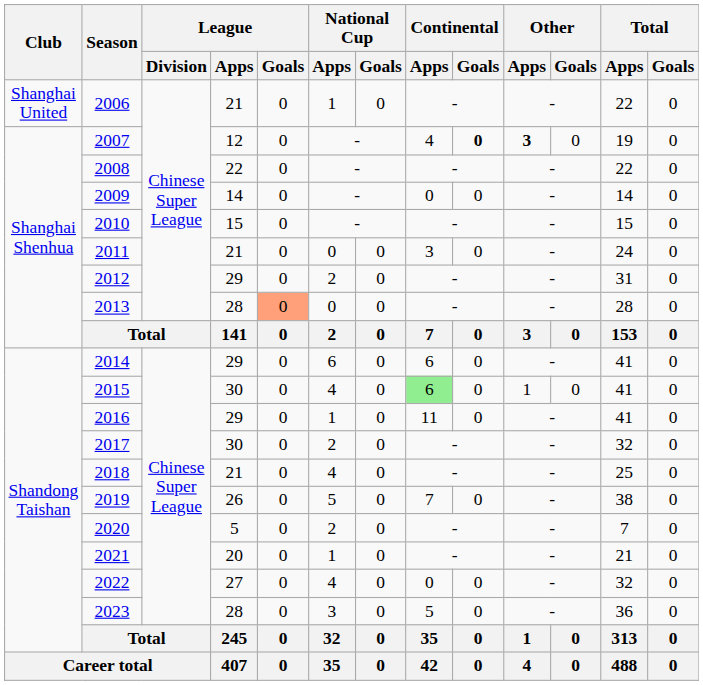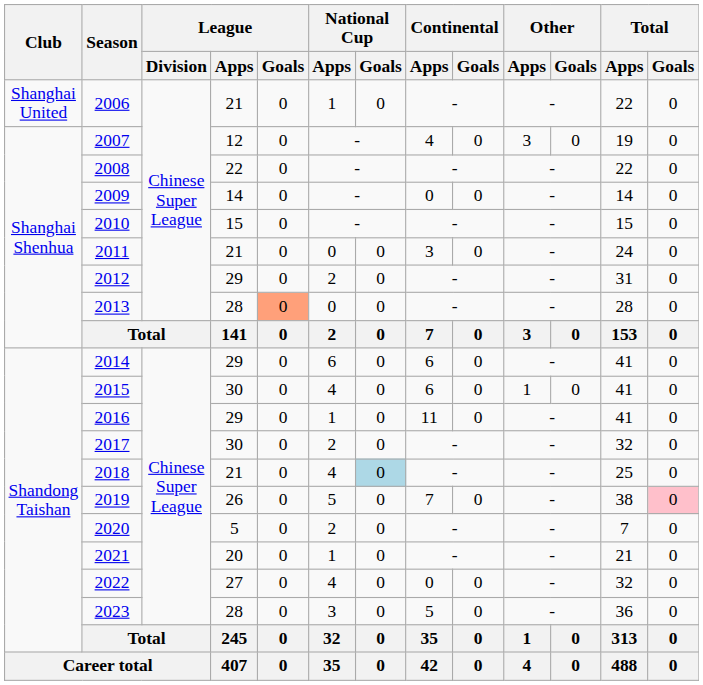 <table class="wikitable" style="text-align: center">
 <tr>
 <th rowspan="2">Club</th>
 <th rowspan="2">Season</th>
 <th colspan="3">League</th>
 <th colspan="2">National Cup</th>
 <th colspan="2">Continental</th>
 <th colspan="2">Other</th>
 <th colspan="2">Total</th>
 </tr>
 <tr>
 <th>Division</th>
 <th>Apps</th>
 <th>Goals</th>
 <th>Apps</th>
 <th>Goals</th>
 <th>Apps</th>
 <th>Goals</th>
 <th>Apps</th>
 <th>Goals</th>
 <th>Apps</th>
 <th>Goals</th>
 </tr>
 <tr>
 <td><a href='#'>Shanghai United</a></td>
 <td><a href='#'>2006</a></td>
 <td rowspan="8"><a href='#'>Chinese Super League</a></td>
 <td>21</td>
 <td>0</td>
 <td>1</td>
 <td>0</td>
 <td colspan="2">-</td>
 <td colspan="2">-</td>
 <td>22</td>
 <td>0</td>
 </tr>
 <tr>
 <td rowspan="8"><a href='#'>Shanghai Shenhua</a></td>
 <td><a href='#'>2007</a></td>
 <td>12</td>
 <td>0</td>
 <td colspan="2">-</td>
 <td>4</td>
-<td><strong>0</strong></td>
-<td><strong>3</strong></td>
+<td>0</td>
+<td>3</td>
 <td>0</td>
 <td>19</td>
 <td>0</td>
 </tr>
 <tr>
 <td><a href='#'>2008</a></td>
 <td>22</td>
 <td>0</td>
 <td colspan="2">-</td>
 <td colspan="2">-</td>
 <td colspan="2">-</td>
 <td>22</td>
 <td>0</td>
 </tr>
 <tr>
 <td><a href='#'>2009</a></td>
 <td>14</td>
 <td>0</td>
 <td colspan="2">-</td>
 <td>0</td>
 <td>0</td>
 <td colspan="2">-</td>
 <td>14</td>
 <td>0</td>
 </tr>
 <tr>
 <td><a href='#'>2010</a></td>
 <td>15</td>
 <td>0</td>
 <td colspan="2">-</td>
 <td colspan="2">-</td>
 <td colspan="2">-</td>
 <td>15</td>
 <td>0</td>
 </tr>
 <tr>
 <td><a href='#'>2011</a></td>
 <td>21</td>
 <td>0</td>
 <td>0</td>
 <td>0</td>
 <td>3</td>
 <td>0</td>
 <td colspan="2">-</td>
 <td>24</td>
 <td>0</td>
 </tr>
 <tr>
 <td><a href='#'>2012</a></td>
 <td>29</td>
 <td>0</td>
 <td>2</td>
 <td>0</td>
 <td colspan="2">-</td>
 <td colspan="2">-</td>
 <td>31</td>
 <td>0</td>
 </tr>
 <tr>
 <td><a href='#'>2013</a></td>
 <td>28</td>
 <td style="background: lightsalmon;">0</td>
 <td>0</td>
 <td>0</td>
 <td colspan="2">-</td>
 <td colspan="2">-</td>
 <td>28</td>
 <td>0</td>
 </tr>
 <tr>
 <th colspan=2>Total</th>
 <th>141</th>
 <th>0</th>
 <th>2</th>
 <th>0</th>
 <th>7</th>
 <th>0</th>
 <th>3</th>
 <th>0</th>
 <th>153</th>
 <th>0</th>
 </tr>
 <tr>
 <td rowspan="11"><a href='#'>Shandong Taishan</a></td>
 <td><a href='#'>2014</a></td>
 <td rowspan="10"><a href='#'>Chinese Super League</a></td>
 <td>29</td>
 <td>0</td>
 <td>6</td>
 <td>0</td>
 <td>6</td>
 <td>0</td>
 <td colspan="2">-</td>
 <td>41</td>
 <td>0</td>
 </tr>
 <tr>
 <td><a href='#'>2015</a></td>
 <td>30</td>
 <td>0</td>
 <td>4</td>
 <td>0</td>
-<td style="background: lightgreen;">6</td>
+<td>6</td>
 <td>0</td>
 <td>1</td>
 <td>0</td>
 <td>41</td>
 <td>0</td>
 </tr>
 <tr>
 <td><a href='#'>2016</a></td>
 <td>29</td>
 <td>0</td>
 <td>1</td>
 <td>0</td>
 <td>11</td>
 <td>0</td>
 <td colspan="2">-</td>
 <td>41</td>
 <td>0</td>
 </tr>
 <tr>
 <td><a href='#'>2017</a></td>
 <td>30</td>
 <td>0</td>
 <td>2</td>
 <td>0</td>
 <td colspan="2">-</td>
 <td colspan="2">-</td>
 <td>32</td>
 <td>0</td>
 </tr>
 <tr>
 <td><a href='#'>2018</a></td>
 <td>21</td>
 <td>0</td>
 <td>4</td>
-<td>0</td>
+<td style="background: lightblue;">0</td>
 <td colspan="2">-</td>
 <td colspan="2">-</td>
 <td>25</td>
 <td>0</td>
 </tr>
 <tr>
 <td><a href='#'>2019</a></td>
 <td>26</td>
 <td>0</td>
 <td>5</td>
 <td>0</td>
 <td>7</td>
 <td>0</td>
 <td colspan="2">-</td>
 <td>38</td>
-<td>0</td>
+<td style="background: pink;">0</td>
 </tr>
 <tr>
 <td><a href='#'>2020</a></td>
 <td>5</td>
 <td>0</td>
 <td>2</td>
 <td>0</td>
 <td colspan="2">-</td>
 <td colspan="2">-</td>
 <td>7</td>
 <td>0</td>
 </tr>
 <tr>
 <td><a href='#'>2021</a></td>
 <td>20</td>
 <td>0</td>
 <td>1</td>
 <td>0</td>
 <td colspan="2">-</td>
 <td colspan="2">-</td>
 <td>21</td>
 <td>0</td>
 </tr>
 <tr>
 <td><a href='#'>2022</a></td>
 <td>27</td>
 <td>0</td>
 <td>4</td>
 <td>0</td>
 <td>0</td>
 <td>0</td>
 <td colspan="2">-</td>
 <td>32</td>
 <td>0</td>
 </tr>
 <tr>
 <td><a href='#'>2023</a></td>
 <td>28</td>
 <td>0</td>
 <td>3</td>
 <td>0</td>
 <td>5</td>
 <td>0</td>
 <td colspan="2">-</td>
 <td>36</td>
 <td>0</td>
 </tr>
 <tr>
 <th colspan=2>Total</th>
 <th>245</th>
 <th>0</th>
 <th>32</th>
 <th>0</th>
 <th>35</th>
 <th>0</th>
 <th>1</th>
 <th>0</th>
 <th>313</th>
 <th>0</th>
 </tr>
 <tr>
 <th colspan=3>Career total</th>
 <th>407</th>
 <th>0</th>
 <th>35</th>
 <th>0</th>
 <th>42</th>
 <th>0</th>
 <th>4</th>
 <th>0</th>
 <th>488</th>
 <th>0</th>
 </tr>
 </table>
